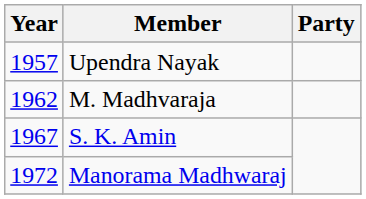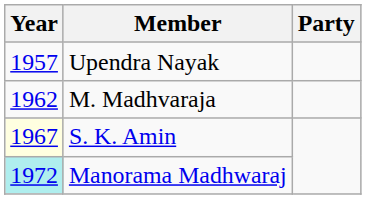 <table class="wikitable">
 <tr>
 <th>Year</th>
 <th>Member</th>
 <th colspan="2">Party</th>
 </tr>
 <tr>
 <td><a href='#'>1957</a></td>
 <td>Upendra Nayak</td>
 <td></td>
 </tr>
 <tr>
 <td><a href='#'>1962</a></td>
 <td>M. Madhvaraja</td>
 <td></td>
 </tr>
 <tr>
-<td><a href='#'>1967</a></td>
+<td style="background: lightyellow;"><a href='#'>1967</a></td>
 <td><a href='#'>S. K. Amin</a></td>
 </tr>
 <tr>
-<td><a href='#'>1972</a></td>
+<td style="background: paleturquoise;"><a href='#'>1972</a></td>
 <td><a href='#'>Manorama Madhwaraj</a></td>
 </tr>
 </table>
